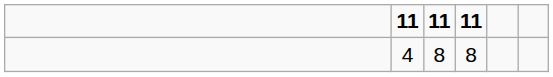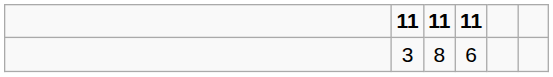 <table class="wikitable">
 <tr>
 <td style="width:18em"><strong></strong></td>
 <td align=center style="width:1em"><strong>11</strong></td>
 <td align=center style="width:1em"><strong>11</strong></td>
 <td align=center style="width:1em"><strong>11</strong></td>
 <td align=center style="width:1em"></td>
 <td align=center style="width:1em"></td>
 </tr>
 <tr>
 <td style="width:18em"></td>
-<td align=center style="width:1em">4</td>
+<td align=center style="width:1em">3</td>
 <td align=center style="width:1em">8</td>
-<td align=center style="width:1em">8</td>
+<td align=center style="width:1em">6</td>
 <td align=center style="width:1em"></td>
 <td align=center style="width:1em"></td>
 </tr>
 </table>
